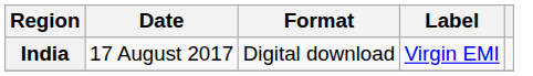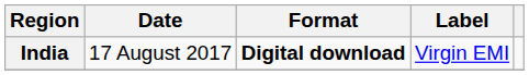 <table class="wikitable sortable plainrowheaders">
 <tr>
 <th>Region</th>
 <th>Date</th>
 <th>Format</th>
 <th>Label</th>
 <th></th>
 </tr>
 <tr>
 <th scope="row">India</th>
 <td rowspan="1">17 August 2017</td>
-<td rowspan="1">Digital download</td>
+<td rowspan="1"><strong>Digital download</strong></td>
 <td rowspan="1"><a href='#'>Virgin EMI</a></td>
 <td align="center"></td>
 </tr>
 <tr>
 </tr>
 </table>
